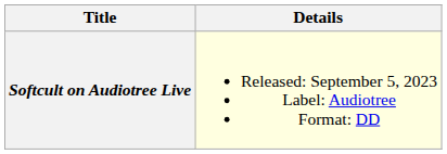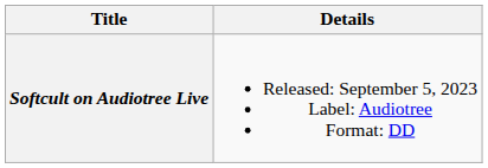 <table class="wikitable plainrowheaders" style="text-align:center;" border="1">
 <tr>
 <th>Title</th>
 <th>Details</th>
 </tr>
 <tr>
 <th scope="row"><em>Softcult on Audiotree Live</em></th>
-<td style="background: lightyellow;"><br><ul><li>Released: September 5, 2023</li><li>Label: <a href='#'>Audiotree</a></li><li>Format: <a href='#'>DD</a></li></ul></td>
+<td><br><ul><li>Released: September 5, 2023</li><li>Label: <a href='#'>Audiotree</a></li><li>Format: <a href='#'>DD</a></li></ul></td>
 </tr>
 </table>
